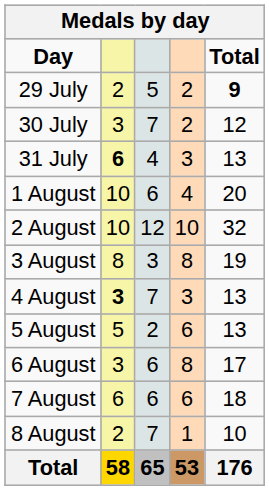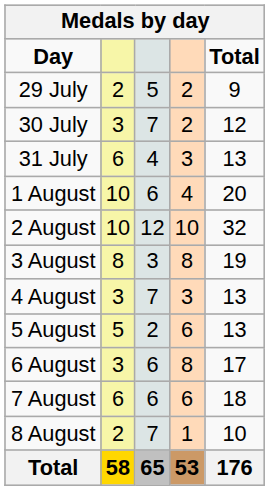 <table class="wikitable" style="font-size:85%;float:right;text-align:center">
 <tr>
 <th colspan=5>Medals by day</th>
 </tr>
 <tr align=center>
 <td><strong>Day</strong></td>
 <td bgcolor=#f7f6a8></td>
 <td bgcolor=#dce5e5></td>
 <td bgcolor=#ffdab9></td>
 <td><strong>Total</strong></td>
 </tr>
 <tr align=centre>
 <td>29 July</td>
 <td bgcolor=#f7f6a8>2</td>
 <td bgcolor=#dce5e5>5</td>
 <td bgcolor=#ffdab9>2</td>
-<td><strong>9</strong></td>
+<td>9</td>
 </tr>
 <tr align=center>
 <td>30 July</td>
 <td bgcolor=#f7f6a8>3</td>
 <td bgcolor=#dce5e5>7</td>
 <td bgcolor=#ffdab9>2</td>
 <td>12</td>
 </tr>
 <tr align=center>
 <td>31 July</td>
-<td bgcolor=#f7f6a8><strong>6</strong></td>
+<td bgcolor=#f7f6a8>6</td>
 <td bgcolor=#dce5e5>4</td>
 <td bgcolor=#ffdab9>3</td>
 <td>13</td>
 </tr>
 <tr align=center>
 <td>1 August</td>
 <td bgcolor=#f7f6a8>10</td>
 <td bgcolor=#dce5e5>6</td>
 <td bgcolor=#ffdab9>4</td>
 <td>20</td>
 </tr>
 <tr align=center>
 <td>2 August</td>
 <td bgcolor=#f7f6a8>10</td>
 <td bgcolor=#dce5e5>12</td>
 <td bgcolor=#ffdab9>10</td>
 <td>32</td>
 </tr>
 <tr align=center>
 <td>3 August</td>
 <td bgcolor=#f7f6a8>8</td>
 <td bgcolor=#dce5e5>3</td>
 <td bgcolor=#ffdab9>8</td>
 <td>19</td>
 </tr>
 <tr align=center>
 <td>4 August</td>
-<td bgcolor=#f7f6a8><strong>3</strong></td>
+<td bgcolor=#f7f6a8>3</td>
 <td bgcolor=#dce5e5>7</td>
 <td bgcolor=#ffdab9>3</td>
 <td>13</td>
 </tr>
 <tr align=center>
 <td>5 August</td>
 <td bgcolor=#f7f6a8>5</td>
 <td bgcolor=#dce5e5>2</td>
 <td bgcolor=#ffdab9>6</td>
 <td>13</td>
 </tr>
 <tr align=center>
 <td>6 August</td>
 <td bgcolor=#f7f6a8>3</td>
 <td bgcolor=#dce5e5>6</td>
 <td bgcolor=#ffdab9>8</td>
 <td>17</td>
 </tr>
 <tr align=center>
 <td>7 August</td>
 <td bgcolor=#f7f6a8>6</td>
 <td bgcolor=#dce5e5>6</td>
 <td bgcolor=#ffdab9>6</td>
 <td>18</td>
 </tr>
 <tr align=center>
 <td>8 August</td>
 <td bgcolor=#f7f6a8>2</td>
 <td bgcolor=#dce5e5>7</td>
 <td bgcolor=#ffdab9>1</td>
 <td>10</td>
 </tr>
 <tr align=center>
 <th bgcolor=#efefef>Total</th>
 <th style="background:gold;">58</th>
 <th style="background:silver;">65</th>
 <th style="background:#c96;">53</th>
 <th>176</th>
 </tr>
 </table>
